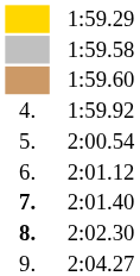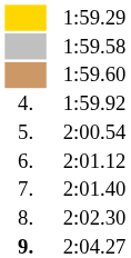 <table style="text-align:center">
 <tr>
 <td width=30 bgcolor=gold></td>
 <td align=left></td>
 <td width=60>1:59.29</td>
 </tr>
 <tr>
 <td bgcolor=silver></td>
 <td align=left></td>
 <td>1:59.58</td>
 </tr>
 <tr>
 <td bgcolor=cc9966></td>
 <td align=left></td>
 <td>1:59.60</td>
 </tr>
 <tr>
 <td>4.</td>
 <td align=left></td>
 <td>1:59.92</td>
 </tr>
 <tr>
 <td>5.</td>
 <td align=left></td>
 <td>2:00.54</td>
 </tr>
 <tr>
 <td>6.</td>
 <td align=left></td>
 <td>2:01.12</td>
 </tr>
 <tr>
-<td><strong>7.</strong></td>
+<td>7.</td>
 <td align=left></td>
 <td>2:01.40</td>
 </tr>
 <tr>
-<td><strong>8.</strong></td>
+<td>8.</td>
 <td align=left></td>
 <td>2:02.30</td>
 </tr>
 <tr>
-<td>9.</td>
+<td><strong>9.</strong></td>
 <td align=left></td>
 <td>2:04.27</td>
 </tr>
 </table>
